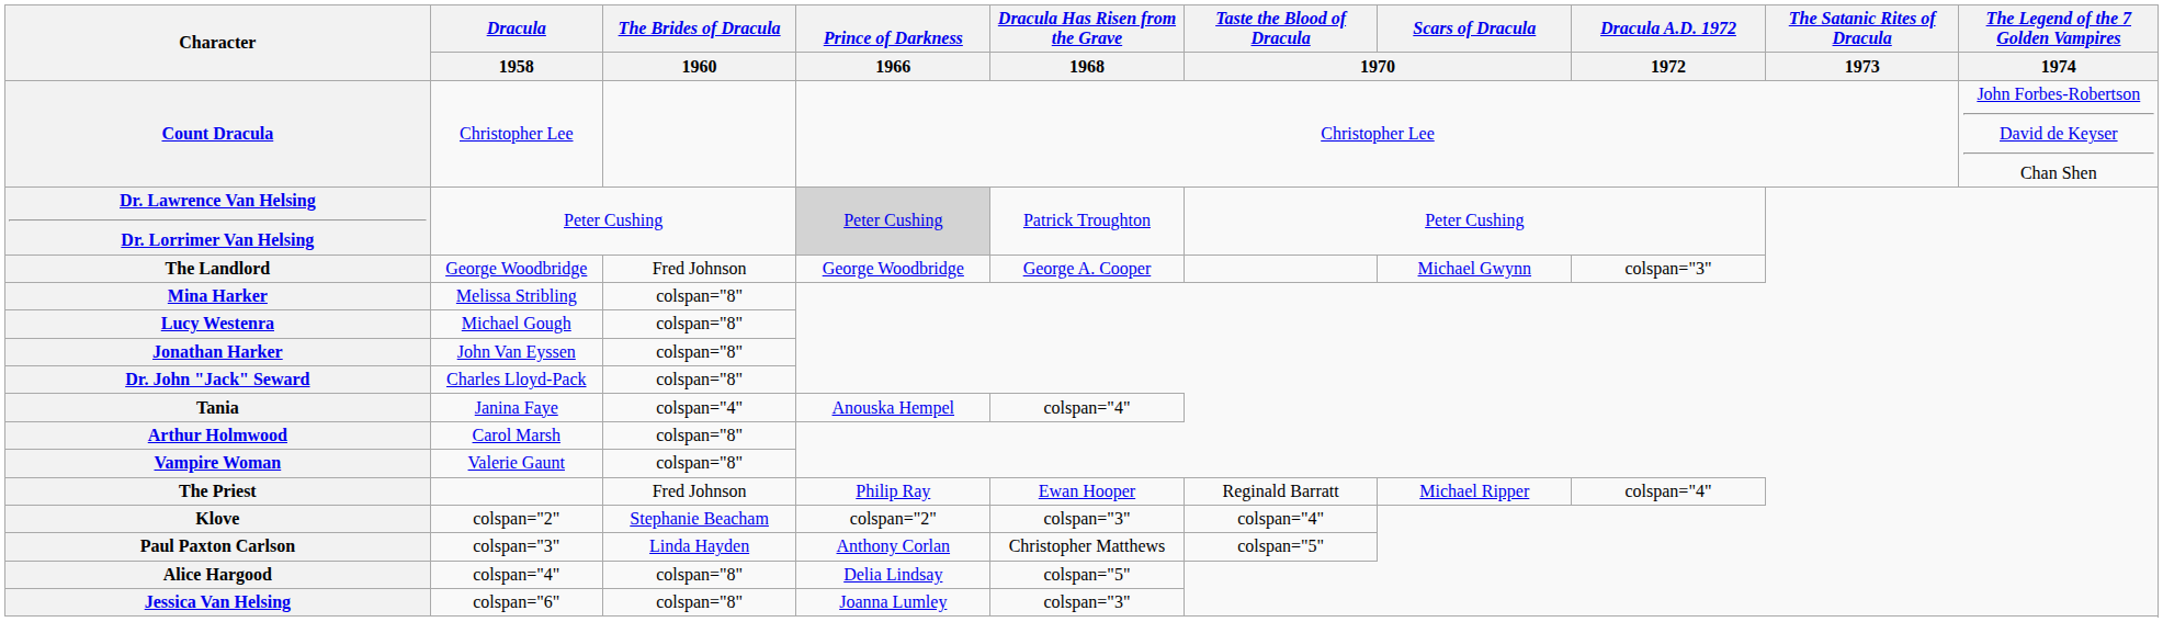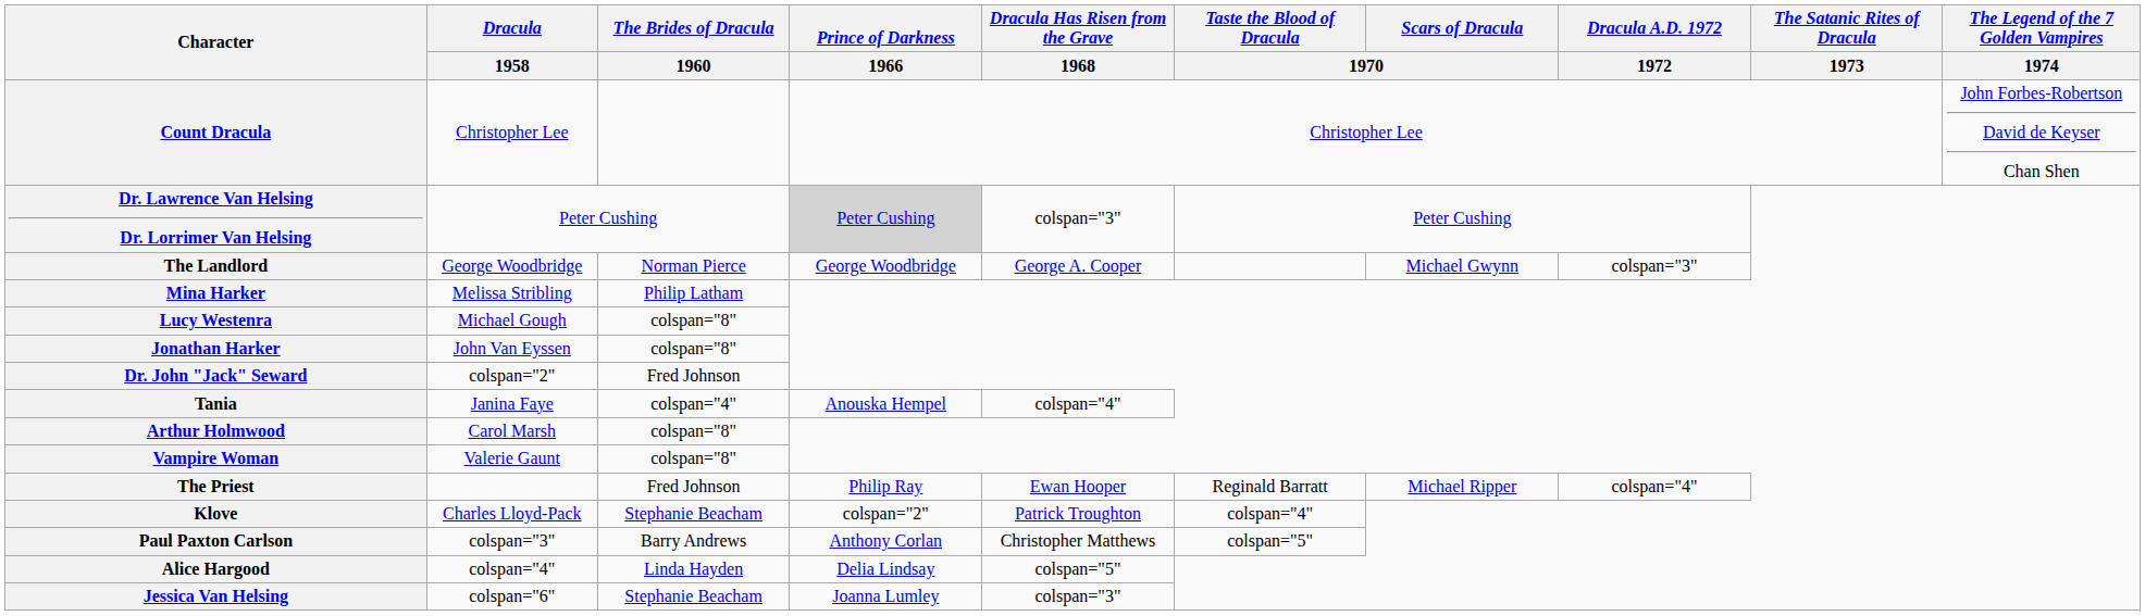 <table class="wikitable" style="text-align:center; width:99%; font-size:100%">
 <tr>
 <th rowspan="2" style="width:19.75%;">Character</th>
 <th style="width:08%;"><em><a href='#'>Dracula</a></em></th>
 <th style="width:09%;"><em><a href='#'>The Brides of Dracula</a></em></th>
 <th style="width:09%;"><em><a href='#'><br>Prince of Darkness</a></em></th>
 <th style="width:09%;"><em><a href='#'>Dracula Has Risen from the Grave</a></em></th>
 <th style="width:09%;"><em><a href='#'>Taste the Blood of Dracula</a></em></th>
 <th style="width:09%;"><em><a href='#'>Scars of Dracula</a></em></th>
 <th style="width:09%;"><em><a href='#'>Dracula A.D. 1972</a></em></th>
 <th style="width:09%;"><em><a href='#'>The Satanic Rites of Dracula</a></em></th>
 <th style="width:10%;"><em><a href='#'>The Legend of the 7 Golden Vampires</a></em></th>
 </tr>
 <tr>
 <th>1958</th>
 <th>1960</th>
 <th>1966</th>
 <th>1968</th>
 <th colspan="2">1970</th>
 <th>1972</th>
 <th>1973</th>
 <th>1974</th>
 </tr>
 <tr>
 <th><a href='#'>Count Dracula</a></th>
 <td><a href='#'>Christopher Lee</a></td>
 <td></td>
 <td colspan="6"><a href='#'>Christopher Lee</a></td>
 <td><a href='#'>John Forbes-Robertson</a><hr><a href='#'>David de Keyser</a><hr>Chan Shen</td>
 </tr>
 <tr>
 <th><a href='#'>Dr. Lawrence Van Helsing</a><hr><a href='#'>Dr. Lorrimer Van Helsing</a></th>
 <td colspan="2"><a href='#'>Peter Cushing</a></td>
 <td style="background: lightgrey;"><a href='#'>Peter Cushing</a></td>
-<td><a href='#'>Patrick Troughton</a></td>
+<td>colspan="3" </td>
 <td colspan="3"><a href='#'>Peter Cushing</a></td>
 </tr>
 <tr>
 <th>The Landlord</th>
 <td><a href='#'>George Woodbridge</a></td>
-<td>Fred Johnson</td>
+<td><a href='#'>Norman Pierce</a></td>
 <td><a href='#'>George Woodbridge</a></td>
 <td><a href='#'>George A. Cooper</a></td>
 <td></td>
 <td><a href='#'>Michael Gwynn</a></td>
 <td>colspan="3" </td>
 </tr>
 <tr>
 <th><a href='#'>Mina Harker</a></th>
 <td><a href='#'>Melissa Stribling</a></td>
-<td>colspan="8" </td>
+<td><a href='#'>Philip Latham</a></td>
 </tr>
 <tr>
 <th><a href='#'>Lucy Westenra</a></th>
 <td><a href='#'>Michael Gough</a></td>
 <td>colspan="8" </td>
 </tr>
 <tr>
 <th><a href='#'>Jonathan Harker</a></th>
 <td><a href='#'>John Van Eyssen</a></td>
 <td>colspan="8" </td>
 </tr>
 <tr>
 <th><a href='#'>Dr. John "Jack" Seward</a></th>
-<td><a href='#'>Charles Lloyd-Pack</a></td>
-<td>colspan="8" </td>
+<td>colspan="2" </td>
+<td>Fred Johnson</td>
 </tr>
 <tr>
 <th>Tania</th>
 <td><a href='#'>Janina Faye</a></td>
 <td>colspan="4" </td>
 <td><a href='#'>Anouska Hempel</a></td>
 <td>colspan="4" </td>
 </tr>
 <tr>
 <th><a href='#'>Arthur Holmwood</a></th>
 <td><a href='#'>Carol Marsh</a></td>
 <td>colspan="8" </td>
 </tr>
 <tr>
 <th><a href='#'>Vampire Woman</a></th>
 <td><a href='#'>Valerie Gaunt</a></td>
 <td>colspan="8" </td>
 </tr>
 <tr>
 <th>The Priest</th>
 <td></td>
 <td>Fred Johnson</td>
 <td><a href='#'>Philip Ray</a></td>
 <td><a href='#'>Ewan Hooper</a></td>
 <td>Reginald Barratt</td>
 <td><a href='#'>Michael Ripper</a></td>
 <td>colspan="4" </td>
 </tr>
 <tr>
 <th>Klove</th>
-<td>colspan="2" </td>
+<td><a href='#'>Charles Lloyd-Pack</a></td>
 <td><a href='#'>Stephanie Beacham</a></td>
 <td>colspan="2" </td>
-<td>colspan="3" </td>
+<td><a href='#'>Patrick Troughton</a></td>
 <td>colspan="4" </td>
 </tr>
 <tr>
 <th>Paul Paxton Carlson</th>
 <td>colspan="3" </td>
-<td><a href='#'>Linda Hayden</a></td>
+<td>Barry Andrews</td>
 <td><a href='#'>Anthony Corlan</a></td>
 <td>Christopher Matthews</td>
 <td>colspan="5" </td>
 </tr>
 <tr>
 <th>Alice Hargood</th>
 <td>colspan="4" </td>
-<td>colspan="8" </td>
+<td><a href='#'>Linda Hayden</a></td>
 <td><a href='#'>Delia Lindsay</a></td>
 <td>colspan="5" </td>
 </tr>
 <tr>
 <th><a href='#'>Jessica Van Helsing</a></th>
 <td>colspan="6" </td>
-<td>colspan="8" </td>
+<td><a href='#'>Stephanie Beacham</a></td>
 <td><a href='#'>Joanna Lumley</a></td>
 <td>colspan="3" </td>
 </tr>
 <tr>
 </tr>
 </table>
